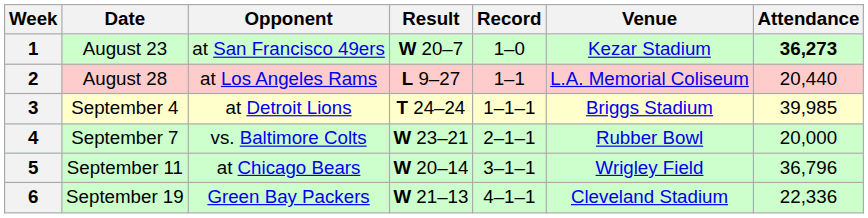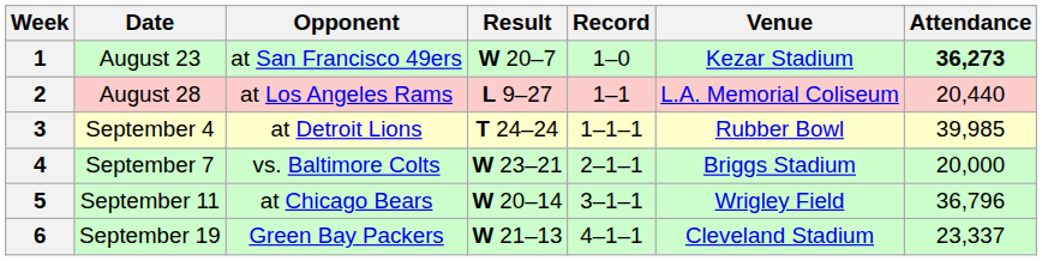 <table class="wikitable" style="text-align:center">
 <tr>
 <th>Week</th>
 <th>Date</th>
 <th>Opponent</th>
 <th>Result</th>
 <th>Record</th>
 <th>Venue</th>
 <th>Attendance</th>
 </tr>
 <tr style="background:#cfc">
 <th>1</th>
 <td>August 23</td>
 <td>at <a href='#'>San Francisco 49ers</a></td>
 <td><strong>W</strong> 20–7</td>
 <td>1–0</td>
 <td><a href='#'>Kezar Stadium</a></td>
 <td><strong>36,273</strong></td>
 </tr>
 <tr style="background:#fcc">
 <th>2</th>
 <td>August 28</td>
 <td>at <a href='#'>Los Angeles Rams</a></td>
 <td><strong>L</strong> 9–27</td>
 <td>1–1</td>
 <td><a href='#'>L.A. Memorial Coliseum</a></td>
 <td>20,440</td>
 </tr>
 <tr style="background:#ffc">
 <th>3</th>
 <td>September 4</td>
 <td>at <a href='#'>Detroit Lions</a></td>
 <td><strong>T</strong> 24–24</td>
 <td>1–1–1</td>
-<td><a href='#'>Briggs Stadium</a></td>
+<td><a href='#'>Rubber Bowl</a></td>
 <td>39,985</td>
 </tr>
 <tr style="background:#cfc">
 <th>4</th>
 <td>September 7</td>
 <td>vs. <a href='#'>Baltimore Colts</a></td>
 <td><strong>W</strong> 23–21</td>
 <td>2–1–1</td>
-<td><a href='#'>Rubber Bowl</a></td>
+<td><a href='#'>Briggs Stadium</a></td>
 <td>20,000</td>
 </tr>
 <tr style="background:#cfc">
 <th>5</th>
 <td>September 11</td>
 <td>at <a href='#'>Chicago Bears</a></td>
 <td><strong>W</strong> 20–14</td>
 <td>3–1–1</td>
 <td><a href='#'>Wrigley Field</a></td>
 <td>36,796</td>
 </tr>
 <tr style="background:#cfc">
 <th>6</th>
 <td>September 19</td>
 <td><a href='#'>Green Bay Packers</a></td>
 <td><strong>W</strong> 21–13</td>
 <td>4–1–1</td>
 <td><a href='#'>Cleveland Stadium</a></td>
-<td>22,336</td>
+<td>23,337</td>
 </tr>
 </table>
